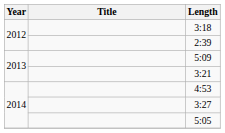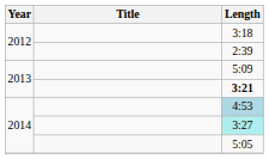 <table class="wikitable" style="text-align:center;">
 <tr>
 <th align=center>Year</th>
 <th width="250" align=center>Title</th>
 <th width="50" align=left>Length</th>
 </tr>
 <tr>
 <td rowspan=2>2012</td>
 <td align="left"></td>
 <td>3:18</td>
 </tr>
 <tr>
 <td align="left"></td>
 <td>2:39</td>
 </tr>
 <tr>
 <td rowspan=2>2013</td>
 <td align="left"></td>
 <td>5:09</td>
 </tr>
 <tr>
 <td align="left"></td>
-<td>3:21</td>
+<td><strong>3:21</strong></td>
 </tr>
 <tr>
 <td rowspan=3>2014</td>
 <td align="left"></td>
-<td>4:53</td>
+<td style="background: lightblue;">4:53</td>
 </tr>
 <tr>
 <td align="left"></td>
-<td>3:27</td>
+<td style="background: paleturquoise;">3:27</td>
 </tr>
 <tr>
 <td align="left"></td>
 <td>5:05</td>
 </tr>
 <tr>
 </tr>
 </table>
